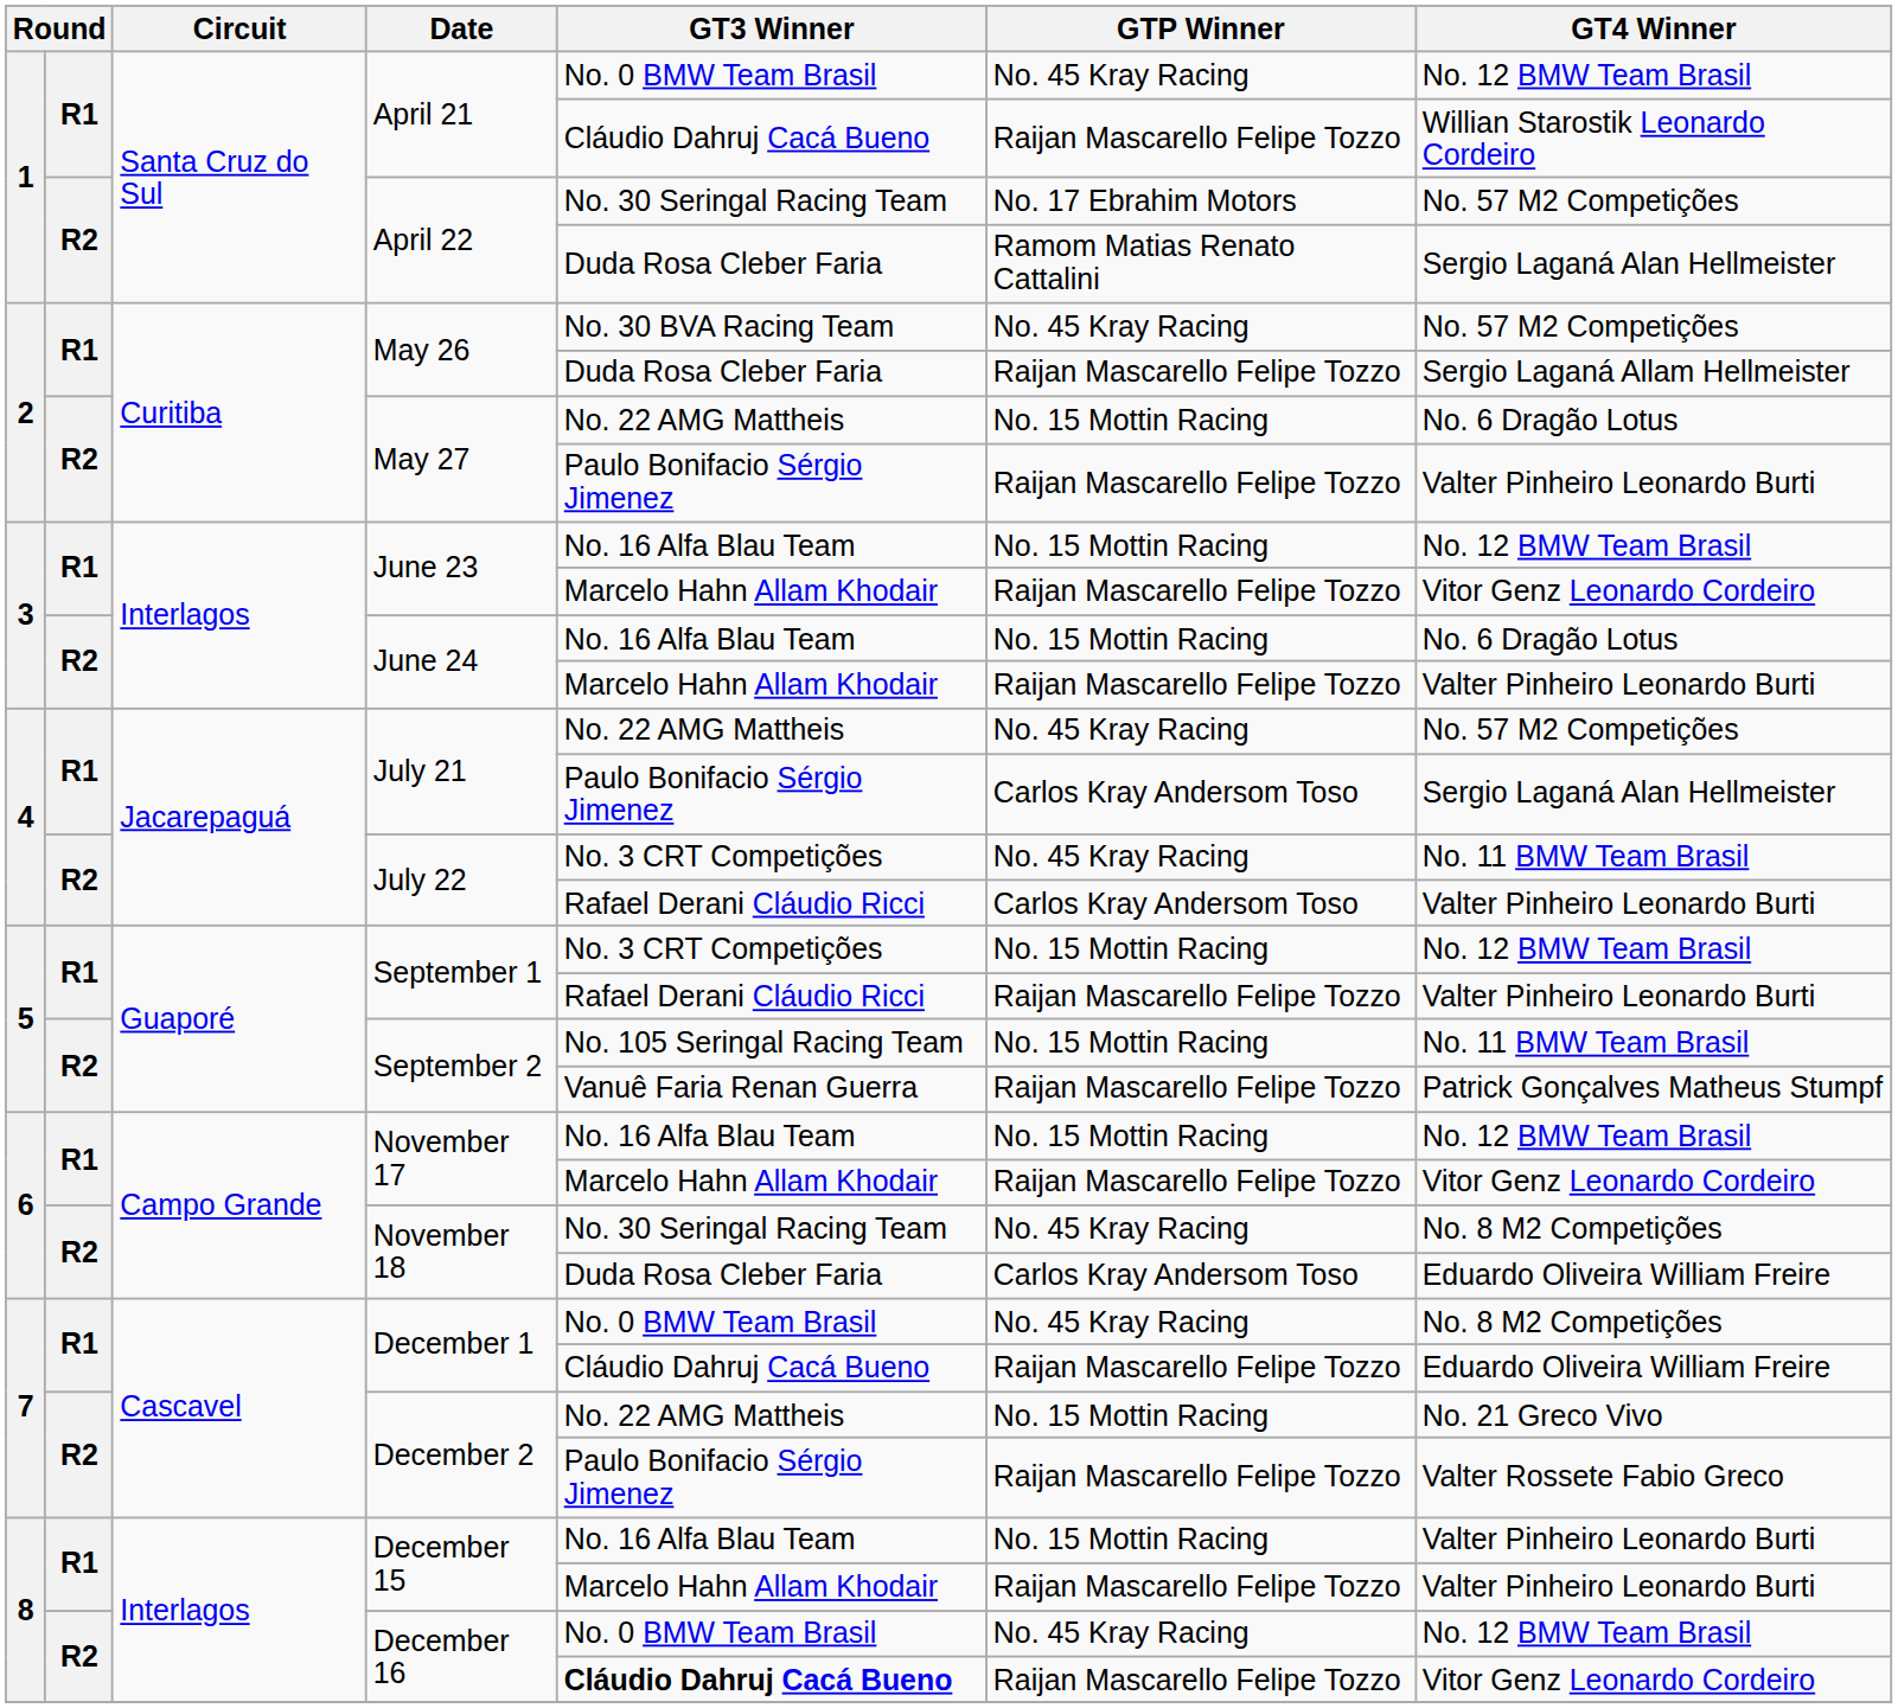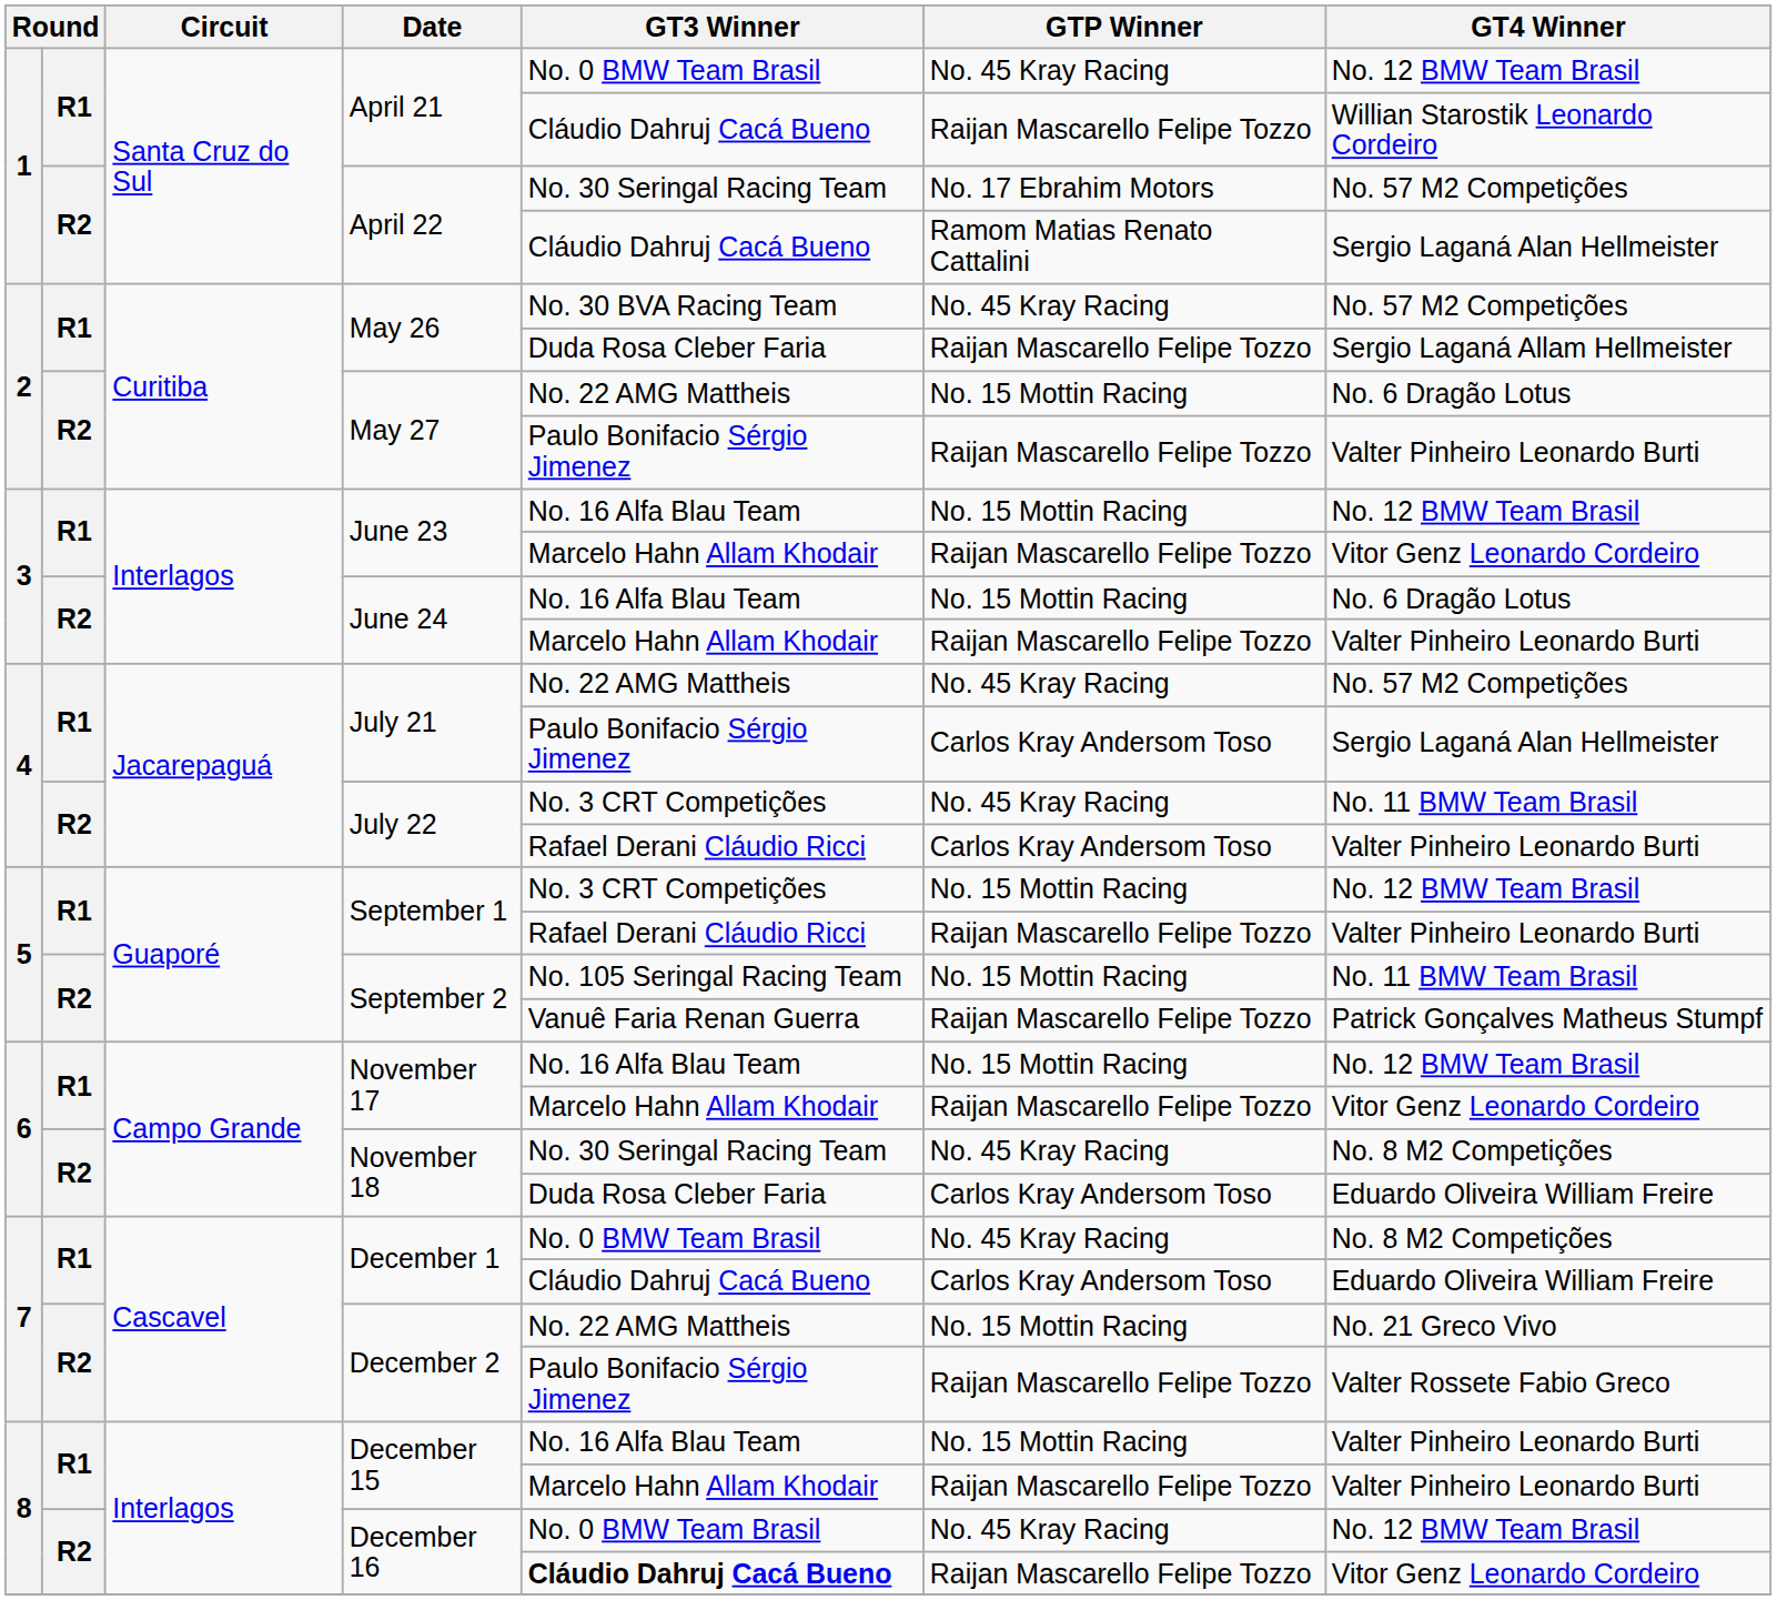 <table class="wikitable" style="font-size: 85%;">
 <tr>
 <th colspan=2>Round</th>
 <th>Circuit</th>
 <th>Date</th>
 <th>GT3 Winner</th>
 <th>GTP Winner</th>
 <th>GT4 Winner</th>
 </tr>
 <tr>
 <th rowspan=4>1</th>
 <th rowspan=2>R1</th>
 <td rowspan=4><a href='#'>Santa Cruz do Sul</a></td>
 <td rowspan=2>April 21</td>
 <td>No. 0 <a href='#'>BMW Team Brasil</a></td>
 <td>No. 45 Kray Racing</td>
 <td>No. 12 <a href='#'>BMW Team Brasil</a></td>
 </tr>
 <tr>
 <td>Cláudio Dahruj <a href='#'>Cacá Bueno</a></td>
 <td>Raijan Mascarello Felipe Tozzo</td>
 <td>Willian Starostik <a href='#'>Leonardo Cordeiro</a></td>
 </tr>
 <tr>
 <th rowspan=2>R2</th>
 <td rowspan=2>April 22</td>
 <td>No. 30 Seringal Racing Team</td>
 <td>No. 17 Ebrahim Motors</td>
 <td>No. 57 M2 Competições</td>
 </tr>
 <tr>
-<td>Duda Rosa Cleber Faria</td>
+<td>Cláudio Dahruj <a href='#'>Cacá Bueno</a></td>
 <td>Ramom Matias Renato Cattalini</td>
 <td>Sergio Laganá Alan Hellmeister</td>
 </tr>
 <tr>
 <th rowspan=4>2</th>
 <th rowspan=2>R1</th>
 <td rowspan=4><a href='#'>Curitiba</a></td>
 <td rowspan=2>May 26</td>
 <td>No. 30 BVA Racing Team</td>
 <td>No. 45 Kray Racing</td>
 <td>No. 57 M2 Competições</td>
 </tr>
 <tr>
 <td>Duda Rosa Cleber Faria</td>
 <td>Raijan Mascarello Felipe Tozzo</td>
 <td>Sergio Laganá Allam Hellmeister</td>
 </tr>
 <tr>
 <th rowspan=2>R2</th>
 <td rowspan=2>May 27</td>
 <td>No. 22 AMG Mattheis</td>
 <td>No. 15 Mottin Racing</td>
 <td>No. 6 Dragão Lotus</td>
 </tr>
 <tr>
 <td>Paulo Bonifacio <a href='#'>Sérgio Jimenez</a></td>
 <td>Raijan Mascarello Felipe Tozzo</td>
 <td>Valter Pinheiro Leonardo Burti</td>
 </tr>
 <tr>
 <th rowspan=4>3</th>
 <th rowspan=2>R1</th>
 <td rowspan=4><a href='#'>Interlagos</a></td>
 <td rowspan=2>June 23</td>
 <td>No. 16 Alfa Blau Team</td>
 <td>No. 15 Mottin Racing</td>
 <td>No. 12 <a href='#'>BMW Team Brasil</a></td>
 </tr>
 <tr>
 <td>Marcelo Hahn <a href='#'>Allam Khodair</a></td>
 <td>Raijan Mascarello Felipe Tozzo</td>
 <td>Vitor Genz <a href='#'>Leonardo Cordeiro</a></td>
 </tr>
 <tr>
 <th rowspan=2>R2</th>
 <td rowspan=2>June 24</td>
 <td>No. 16 Alfa Blau Team</td>
 <td>No. 15 Mottin Racing</td>
 <td>No. 6 Dragão Lotus</td>
 </tr>
 <tr>
 <td>Marcelo Hahn <a href='#'>Allam Khodair</a></td>
 <td>Raijan Mascarello Felipe Tozzo</td>
 <td>Valter Pinheiro Leonardo Burti</td>
 </tr>
 <tr>
 <th rowspan=4>4</th>
 <th rowspan=2>R1</th>
 <td rowspan=4><a href='#'>Jacarepaguá</a></td>
 <td rowspan=2>July 21</td>
 <td>No. 22 AMG Mattheis</td>
 <td>No. 45 Kray Racing</td>
 <td>No. 57 M2 Competições</td>
 </tr>
 <tr>
 <td>Paulo Bonifacio <a href='#'>Sérgio Jimenez</a></td>
 <td>Carlos Kray Andersom Toso</td>
 <td>Sergio Laganá Alan Hellmeister</td>
 </tr>
 <tr>
 <th rowspan=2>R2</th>
 <td rowspan=2>July 22</td>
 <td>No. 3 CRT Competições</td>
 <td>No. 45 Kray Racing</td>
 <td>No. 11 <a href='#'>BMW Team Brasil</a></td>
 </tr>
 <tr>
 <td>Rafael Derani  <a href='#'>Cláudio Ricci</a></td>
 <td>Carlos Kray Andersom Toso</td>
 <td>Valter Pinheiro Leonardo Burti</td>
 </tr>
 <tr>
 <th rowspan=4>5</th>
 <th rowspan=2>R1</th>
 <td rowspan=4><a href='#'>Guaporé</a></td>
 <td rowspan=2>September 1</td>
 <td>No. 3 CRT Competições</td>
 <td>No. 15 Mottin Racing</td>
 <td>No. 12 <a href='#'>BMW Team Brasil</a></td>
 </tr>
 <tr>
 <td>Rafael Derani  <a href='#'>Cláudio Ricci</a></td>
 <td>Raijan Mascarello Felipe Tozzo</td>
 <td>Valter Pinheiro Leonardo Burti</td>
 </tr>
 <tr>
 <th rowspan=2>R2</th>
 <td rowspan=2>September 2</td>
 <td>No. 105 Seringal Racing Team</td>
 <td>No. 15 Mottin Racing</td>
 <td>No. 11 <a href='#'>BMW Team Brasil</a></td>
 </tr>
 <tr>
 <td>Vanuê Faria Renan Guerra</td>
 <td>Raijan Mascarello Felipe Tozzo</td>
 <td>Patrick Gonçalves Matheus Stumpf</td>
 </tr>
 <tr>
 <th rowspan=4>6</th>
 <th rowspan=2>R1</th>
 <td rowspan=4><a href='#'>Campo Grande</a></td>
 <td rowspan=2>November 17</td>
 <td>No. 16 Alfa Blau Team</td>
 <td>No. 15 Mottin Racing</td>
 <td>No. 12 <a href='#'>BMW Team Brasil</a></td>
 </tr>
 <tr>
 <td>Marcelo Hahn <a href='#'>Allam Khodair</a></td>
 <td>Raijan Mascarello Felipe Tozzo</td>
 <td>Vitor Genz <a href='#'>Leonardo Cordeiro</a></td>
 </tr>
 <tr>
 <th rowspan=2>R2</th>
 <td rowspan=2>November 18</td>
 <td>No. 30 Seringal Racing Team</td>
 <td>No. 45 Kray Racing</td>
 <td>No. 8 M2 Competições</td>
 </tr>
 <tr>
 <td>Duda Rosa Cleber Faria</td>
 <td>Carlos Kray Andersom Toso</td>
 <td>Eduardo Oliveira William Freire</td>
 </tr>
 <tr>
 <th rowspan=4>7</th>
 <th rowspan=2>R1</th>
 <td rowspan=4><a href='#'>Cascavel</a></td>
 <td rowspan=2>December 1</td>
 <td>No. 0 <a href='#'>BMW Team Brasil</a></td>
 <td>No. 45 Kray Racing</td>
 <td>No. 8 M2 Competições</td>
 </tr>
 <tr>
 <td>Cláudio Dahruj <a href='#'>Cacá Bueno</a></td>
-<td>Raijan Mascarello Felipe Tozzo</td>
+<td>Carlos Kray Andersom Toso</td>
 <td>Eduardo Oliveira William Freire</td>
 </tr>
 <tr>
 <th rowspan=2>R2</th>
 <td rowspan=2>December 2</td>
 <td>No. 22 AMG Mattheis</td>
 <td>No. 15 Mottin Racing</td>
 <td>No. 21 Greco Vivo</td>
 </tr>
 <tr>
 <td>Paulo Bonifacio <a href='#'>Sérgio Jimenez</a></td>
 <td>Raijan Mascarello Felipe Tozzo</td>
 <td>Valter Rossete Fabio Greco</td>
 </tr>
 <tr>
 <th rowspan=4>8</th>
 <th rowspan=2>R1</th>
 <td rowspan=4><a href='#'>Interlagos</a></td>
 <td rowspan=2>December 15</td>
 <td>No. 16 Alfa Blau Team</td>
 <td>No. 15 Mottin Racing</td>
 <td>Valter Pinheiro Leonardo Burti</td>
 </tr>
 <tr>
 <td>Marcelo Hahn <a href='#'>Allam Khodair</a></td>
 <td>Raijan Mascarello Felipe Tozzo</td>
 <td>Valter Pinheiro Leonardo Burti</td>
 </tr>
 <tr>
 <th rowspan=2>R2</th>
 <td rowspan=2>December 16</td>
 <td>No. 0 <a href='#'>BMW Team Brasil</a></td>
 <td>No. 45 Kray Racing</td>
 <td>No. 12 <a href='#'>BMW Team Brasil</a></td>
 </tr>
 <tr>
 <td><strong>Cláudio Dahruj <a href='#'>Cacá Bueno</a></strong></td>
 <td>Raijan Mascarello Felipe Tozzo</td>
 <td>Vitor Genz <a href='#'>Leonardo Cordeiro</a></td>
 </tr>
 <tr>
 </tr>
 </table>
